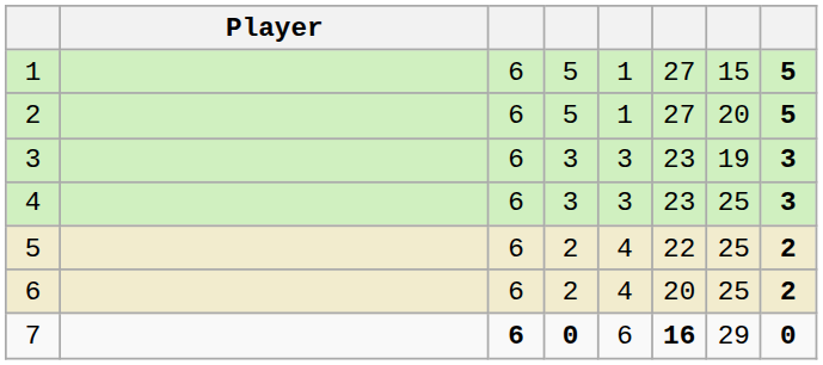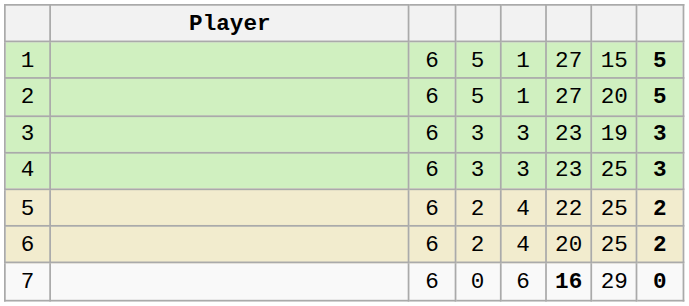 <table class="wikitable" style="text-align:center; margin: 1em auto 1em auto, align:left">
 <tr>
 <th width=20></th>
 <th width=200>Player</th>
 <th width=20></th>
 <th width=20></th>
 <th width=20></th>
 <th width=20></th>
 <th width=20></th>
 <th width=20></th>
 </tr>
 <tr style="background:#D0F0C0;">
 <td>1</td>
 <td align=left></td>
 <td>6</td>
 <td>5</td>
 <td>1</td>
 <td>27</td>
 <td>15</td>
 <td><strong>5</strong></td>
 </tr>
 <tr style="background:#D0F0C0;">
 <td>2</td>
 <td align=left></td>
 <td>6</td>
 <td>5</td>
 <td>1</td>
 <td>27</td>
 <td>20</td>
 <td><strong>5</strong></td>
 </tr>
 <tr style="background:#D0F0C0;">
 <td>3</td>
 <td align=left></td>
 <td>6</td>
 <td>3</td>
 <td>3</td>
 <td>23</td>
 <td>19</td>
 <td><strong>3</strong></td>
 </tr>
 <tr style="background:#D0F0C0;">
 <td>4</td>
 <td align=left></td>
 <td>6</td>
 <td>3</td>
 <td>3</td>
 <td>23</td>
 <td>25</td>
 <td><strong>3</strong></td>
 </tr>
 <tr style="background:#f2ecce;">
 <td>5</td>
 <td align=left></td>
 <td>6</td>
 <td>2</td>
 <td>4</td>
 <td>22</td>
 <td>25</td>
 <td><strong>2</strong></td>
 </tr>
 <tr style="background:#f2ecce;">
 <td>6</td>
 <td align=left></td>
 <td>6</td>
 <td>2</td>
 <td>4</td>
 <td>20</td>
 <td>25</td>
 <td><strong>2</strong></td>
 </tr>
 <tr style=>
 <td>7</td>
 <td align=left></td>
-<td><strong>6</strong></td>
-<td><strong>0</strong></td>
+<td>6</td>
+<td>0</td>
 <td>6</td>
 <td><strong>16</strong></td>
 <td>29</td>
 <td><strong>0</strong></td>
 </tr>
 </table>
